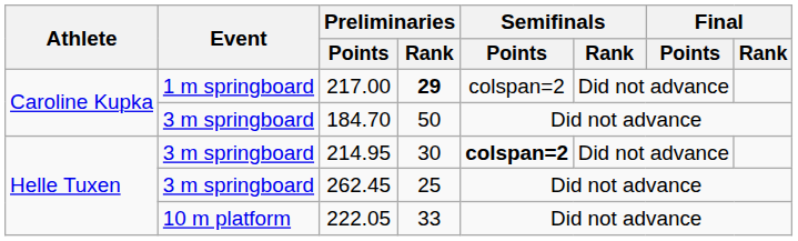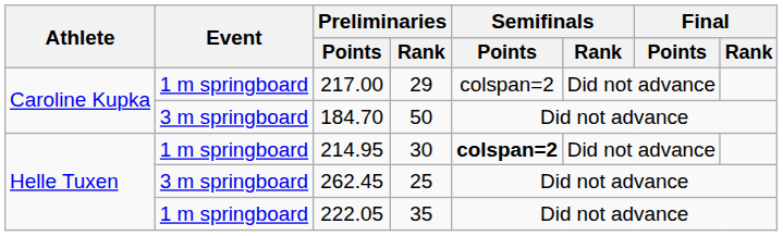 <table class="wikitable" style="text-align:center; font-size:90%;">
 <tr>
 <th rowspan=2>Athlete</th>
 <th rowspan=2>Event</th>
 <th colspan=2>Preliminaries</th>
 <th colspan=2>Semifinals</th>
 <th colspan=2>Final</th>
 </tr>
 <tr style="font-size:95%">
 <th>Points</th>
 <th>Rank</th>
 <th>Points</th>
 <th>Rank</th>
 <th>Points</th>
 <th>Rank</th>
 </tr>
 <tr>
 <td align=left rowspan=2><a href='#'>Caroline Kupka</a></td>
 <td align=left><a href='#'>1 m springboard</a></td>
 <td>217.00</td>
-<td><strong>29</strong></td>
+<td>29</td>
 <td>colspan=2 </td>
 <td colspan=2>Did not advance</td>
 </tr>
 <tr>
 <td align=left><a href='#'>3 m springboard</a></td>
 <td>184.70</td>
 <td>50</td>
 <td colspan=4>Did not advance</td>
 </tr>
 <tr>
 <td align=left rowspan=3><a href='#'>Helle Tuxen</a></td>
-<td align=left><a href='#'>3 m springboard</a></td>
+<td align=left><a href='#'>1 m springboard</a></td>
 <td>214.95</td>
 <td>30</td>
 <td><strong>colspan=2 </strong></td>
 <td colspan=2>Did not advance</td>
 </tr>
 <tr>
 <td align=left><a href='#'>3 m springboard</a></td>
 <td>262.45</td>
 <td>25</td>
 <td colspan=4>Did not advance</td>
 </tr>
 <tr>
-<td align=left><a href='#'>10 m platform</a></td>
+<td align=left><a href='#'>1 m springboard</a></td>
 <td>222.05</td>
-<td>33</td>
+<td>35</td>
 <td colspan=4>Did not advance</td>
 </tr>
 </table>
